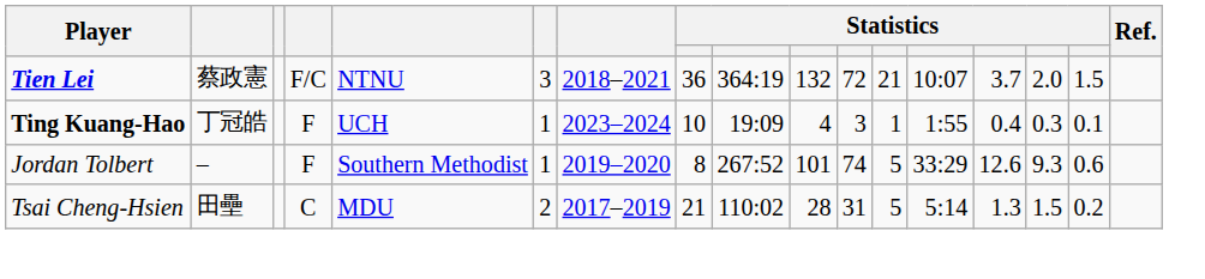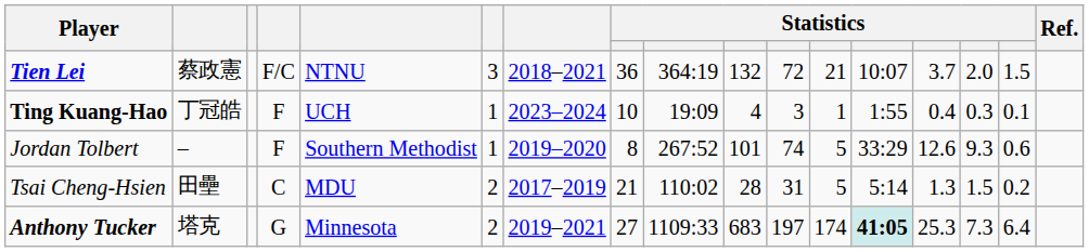 <table class="wikitable sortable" style="font-size:95%; text-align:right;">
 <tr>
 <th rowspan="2">Player</th>
 <th rowspan="2"></th>
 <th rowspan="2"></th>
 <th rowspan="2"></th>
 <th rowspan="2"></th>
 <th rowspan="2"></th>
 <th rowspan="2"></th>
 <th colspan="9">Statistics</th>
 <th rowspan="2">Ref.</th>
 </tr>
 <tr>
 <th></th>
 <th></th>
 <th></th>
 <th></th>
 <th></th>
 <th></th>
 <th></th>
 <th></th>
 <th></th>
 </tr>
 <tr>
 <td align="left"><strong><em><a href='#'>Tien Lei</a></em></strong></td>
 <td align="left">蔡政憲</td>
 <td align="center"></td>
 <td align="center">F/C</td>
 <td align="left"><a href='#'>NTNU</a></td>
 <td align="center">3</td>
 <td align="center"><a href='#'>2018</a>–<a href='#'>2021</a></td>
 <td>36</td>
 <td>364:19</td>
 <td>132</td>
 <td>72</td>
 <td>21</td>
 <td>10:07</td>
 <td>3.7</td>
 <td>2.0</td>
 <td>1.5</td>
 <td align="center"></td>
 </tr>
 <tr>
 <td align="left"><strong>Ting Kuang-Hao</strong></td>
 <td align="left">丁冠皓</td>
 <td align="center"></td>
 <td align="center">F</td>
 <td align="left"><a href='#'>UCH</a></td>
 <td align="center">1</td>
 <td align="center"><a href='#'>2023–2024</a></td>
 <td>10</td>
 <td>19:09</td>
 <td>4</td>
 <td>3</td>
 <td>1</td>
 <td>1:55</td>
 <td>0.4</td>
 <td>0.3</td>
 <td>0.1</td>
 <td align="center"></td>
 </tr>
 <tr>
 <td align="left"><em>Jordan Tolbert</em></td>
 <td align="left">–</td>
 <td align="center"></td>
 <td align="center">F</td>
 <td align="left"><a href='#'>Southern Methodist</a></td>
 <td align="center">1</td>
 <td align="center"><a href='#'>2019–2020</a></td>
 <td>8</td>
 <td>267:52</td>
 <td>101</td>
 <td>74</td>
 <td>5</td>
 <td>33:29</td>
 <td>12.6</td>
 <td>9.3</td>
 <td>0.6</td>
 <td align="center"></td>
 </tr>
 <tr>
 <td align="left"><em>Tsai Cheng-Hsien</em></td>
 <td align="left">田壘</td>
 <td align="center"></td>
 <td align="center">C</td>
 <td align="left"><a href='#'>MDU</a></td>
 <td align="center">2</td>
 <td align="center"><a href='#'>2017</a>–<a href='#'>2019</a></td>
 <td>21</td>
 <td>110:02</td>
 <td>28</td>
 <td>31</td>
 <td>5</td>
 <td>5:14</td>
 <td>1.3</td>
 <td>1.5</td>
 <td>0.2</td>
 <td align="center"></td>
 </tr>
+<tr>
+<td align="left"><strong><em>Anthony Tucker</em></strong></td>
+<td align="left">塔克</td>
+<td align="center"></td>
+<td align="center">G</td>
+<td align="left"><a href='#'>Minnesota</a></td>
+<td align="center">2</td>
+<td align="center"><a href='#'>2019</a>–<a href='#'>2021</a></td>
+<td>27</td>
+<td>1109:33</td>
+<td>683</td>
+<td>197</td>
+<td>174</td>
+<td bgcolor="#CFECEC"><strong>41:05</strong></td>
+<td>25.3</td>
+<td>7.3</td>
+<td>6.4</td>
+<td align="center"></td>
+</tr>
 </table>
